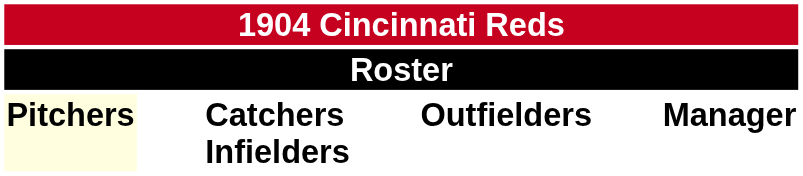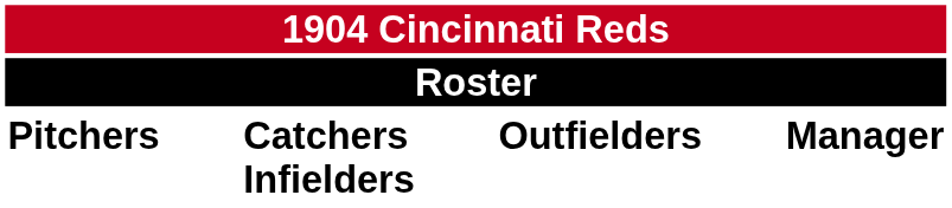 <table class="toccolours" style="font-size: 95%;">
 <tr>
 <th colspan="10" style="background-color: #c6011f; color: white; text-align: center;">1904 Cincinnati Reds</th>
 </tr>
 <tr>
 <td colspan="10" style="background-color: black; color: white; text-align: center;"><strong>Roster</strong></td>
 </tr>
 <tr>
-<td valign="top" style="background: lightyellow;"><strong>Pitchers</strong><br>      </td>
+<td valign="top"><strong>Pitchers</strong><br>      </td>
 <td width="25px"></td>
 <td valign="top"><strong>Catchers</strong><br>    <strong>Infielders</strong>     </td>
 <td width="25px"></td>
 <td valign="top"><strong>Outfielders</strong><br>    </td>
 <td width="25px"></td>
 <td valign="top"><strong>Manager</strong><br></td>
 </tr>
 </table>
